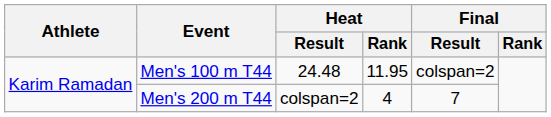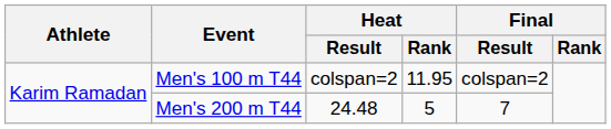 <table class="wikitable" style="font-size:90%">
 <tr>
 <th rowspan="2">Athlete</th>
 <th rowspan="2">Event</th>
 <th colspan="2">Heat</th>
 <th colspan="2">Final</th>
 </tr>
 <tr style="font-size:95%">
 <th>Result</th>
 <th>Rank</th>
 <th>Result</th>
 <th>Rank</th>
 </tr>
 <tr style="text-align:center">
 <td style="text-align:left"  rowspan=2><a href='#'>Karim Ramadan</a></td>
 <td style="text-align:left"><a href='#'>Men's 100 m T44</a></td>
-<td>24.48</td>
+<td>colspan=2 </td>
 <td>11.95</td>
 <td>colspan=2 </td>
 </tr>
 <tr style="text-align:center">
 <td style="text-align:left"><a href='#'>Men's 200 m T44</a></td>
-<td>colspan=2 </td>
-<td>4</td>
+<td>24.48</td>
+<td>5</td>
 <td>7</td>
 </tr>
 </table>
